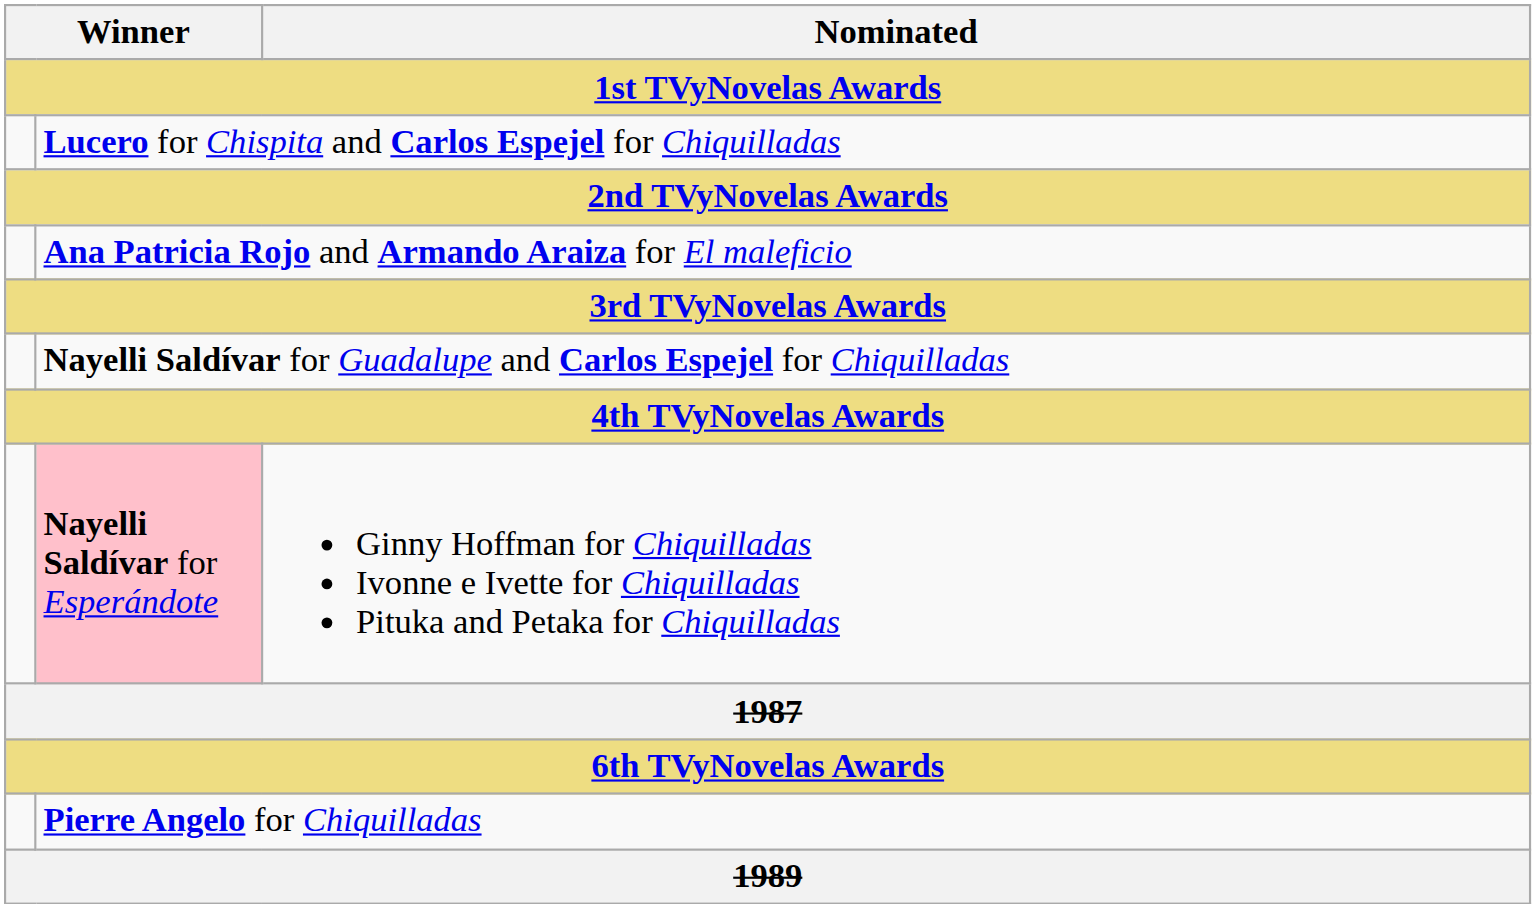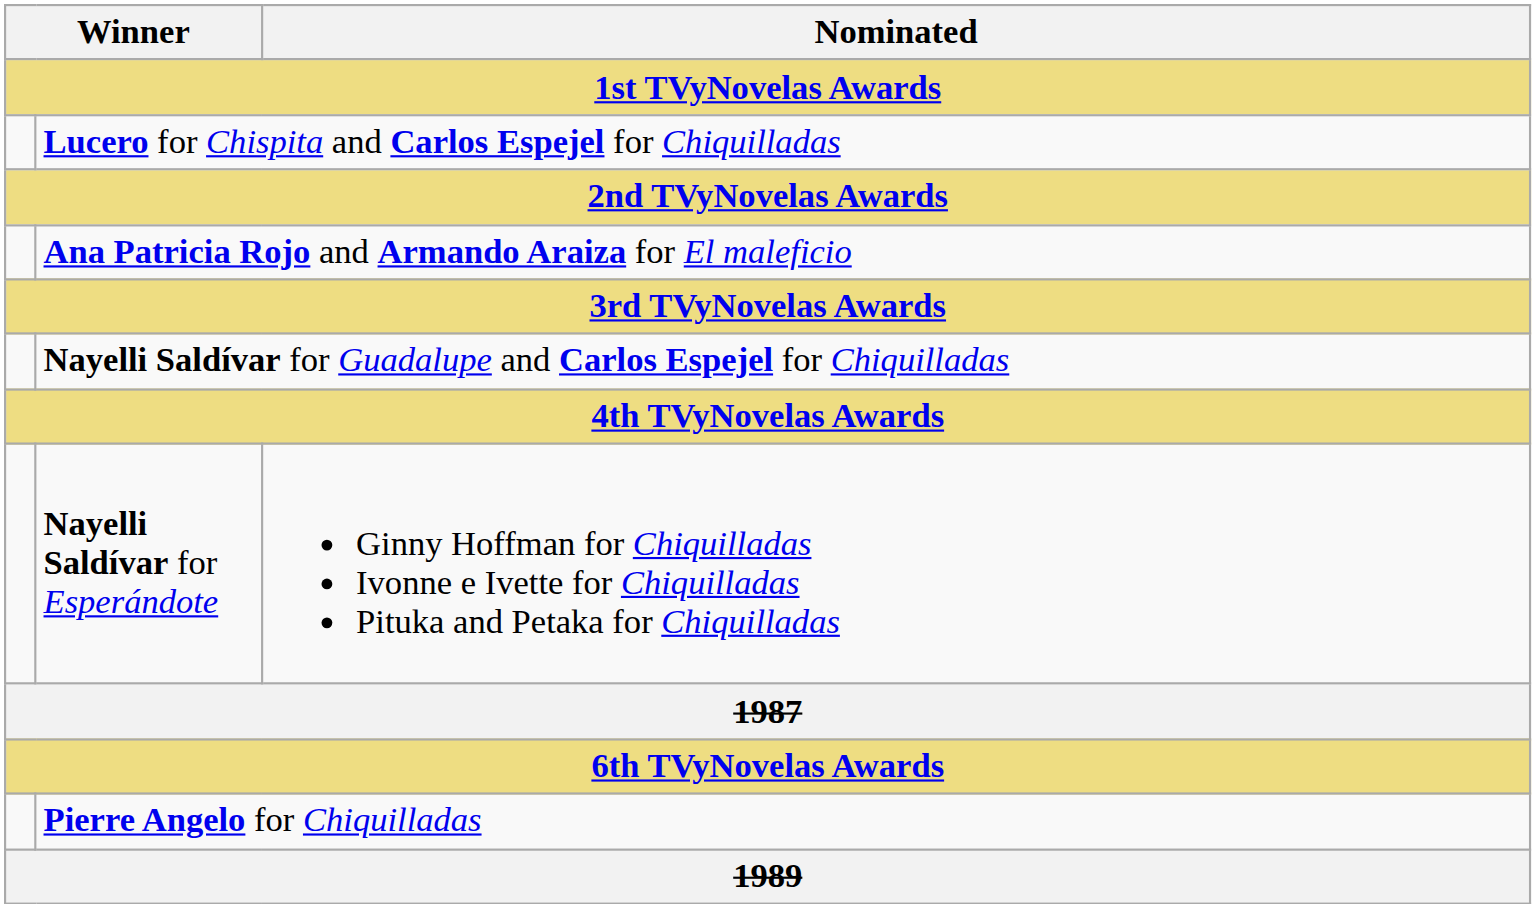 <table class="wikitable" width="80%">
 <tr align="center">
 <th width="150px;" colspan="2;" align="center">Winner</th>
 <th width="580px;" align="center">Nominated</th>
 </tr>
 <tr>
 <th colspan="9" style="background:#EEDD82;" align="center"><strong><a href='#'>1st TVyNovelas Awards</a></strong></th>
 </tr>
 <tr>
 <td width=2%></td>
 <td colspan="2"><strong><a href='#'>Lucero</a></strong> for <em><a href='#'>Chispita</a></em> and <strong><a href='#'>Carlos Espejel</a></strong> for <em><a href='#'>Chiquilladas</a></em></td>
 </tr>
 <tr>
 <th colspan="9" style="background:#EEDD82;" align="center"><strong><a href='#'>2nd TVyNovelas Awards</a></strong></th>
 </tr>
 <tr>
 <td width=2%></td>
 <td colspan="2"><strong><a href='#'>Ana Patricia Rojo</a></strong> and <strong><a href='#'>Armando Araiza</a></strong> for <em><a href='#'>El maleficio</a></em></td>
 </tr>
 <tr>
 <th colspan="9" style="background:#EEDD82;" align="center"><strong><a href='#'>3rd TVyNovelas Awards</a></strong></th>
 </tr>
 <tr>
 <td width=2%></td>
 <td colspan="2"><strong>Nayelli Saldívar</strong> for <em><a href='#'>Guadalupe</a></em> and <strong><a href='#'>Carlos Espejel</a></strong> for <em><a href='#'>Chiquilladas</a></em></td>
 </tr>
 <tr>
 <th colspan="9" style="background:#EEDD82;" align="center"><strong><a href='#'>4th TVyNovelas Awards</a></strong></th>
 </tr>
 <tr>
 <td width=2%></td>
-<td style="background: pink;"><strong>Nayelli Saldívar</strong> for <em><a href='#'>Esperándote</a></em></td>
+<td><strong>Nayelli Saldívar</strong> for <em><a href='#'>Esperándote</a></em></td>
 <td><br><ul><li>Ginny Hoffman for <em><a href='#'>Chiquilladas</a></em></li><li>Ivonne e Ivette for <em><a href='#'>Chiquilladas</a></em></li><li>Pituka and Petaka for <em><a href='#'>Chiquilladas</a></em></li></ul></td>
 </tr>
 <tr>
 <th colspan="9" align="center"><s>1987</s></th>
 </tr>
 <tr>
 <th colspan="9" style="background:#EEDD82;" align="center"><strong><a href='#'>6th TVyNovelas Awards</a></strong></th>
 </tr>
 <tr>
 <td width=2%></td>
 <td colspan="2"><strong><a href='#'>Pierre Angelo</a></strong> for <em><a href='#'>Chiquilladas</a></em></td>
 </tr>
 <tr>
 <th colspan="9" align="center"><s>1989</s></th>
 </tr>
 </table>
